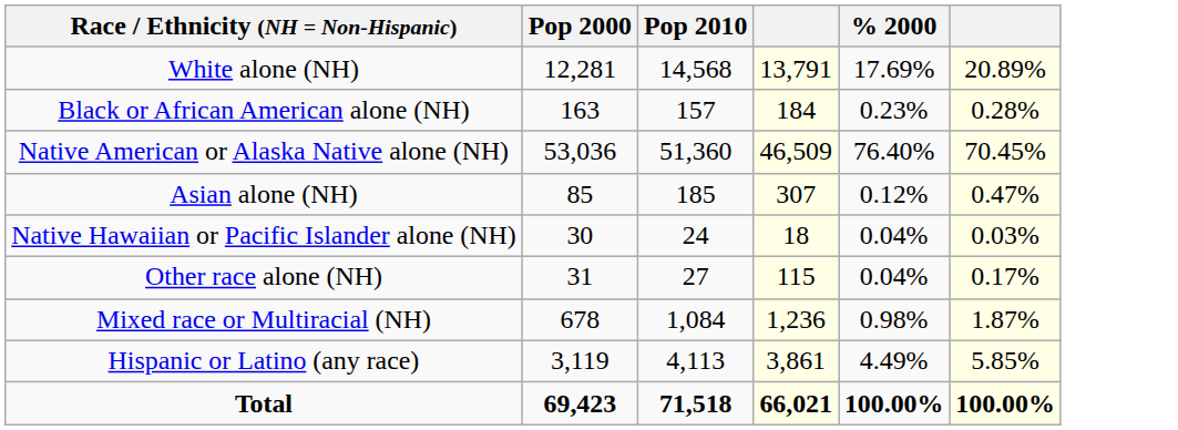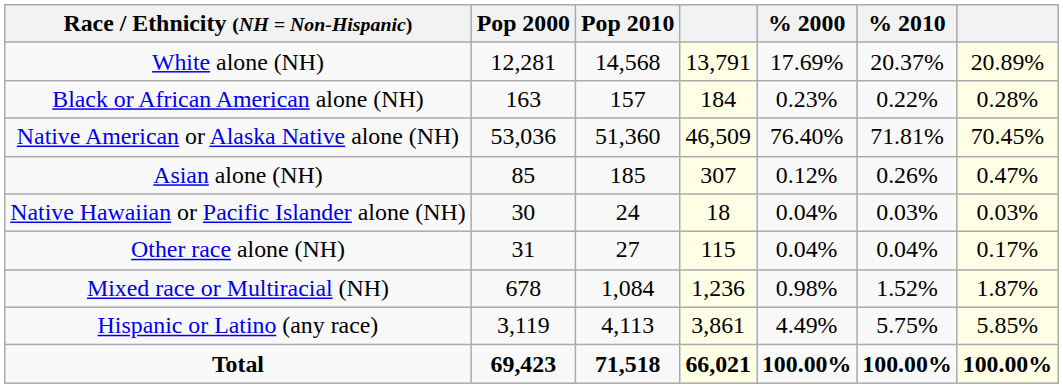 <table class="wikitable" style="text-align:center;">
 <tr>
 <th>Race / Ethnicity <small>(<em>NH = Non-Hispanic</em>)</small></th>
 <th>Pop 2000</th>
 <th>Pop 2010</th>
 <th></th>
 <th>% 2000</th>
+<th>% 2010</th>
 <th></th>
 </tr>
 <tr>
 <td><a href='#'>White</a> alone (NH)</td>
 <td>12,281</td>
 <td>14,568</td>
 <td style='background: #ffffe6;'>13,791</td>
 <td>17.69%</td>
+<td>20.37%</td>
 <td style='background: #ffffe6;'>20.89%</td>
 </tr>
 <tr>
 <td><a href='#'>Black or African American</a> alone (NH)</td>
 <td>163</td>
 <td>157</td>
 <td style='background: #ffffe6;'>184</td>
 <td>0.23%</td>
+<td>0.22%</td>
 <td style='background: #ffffe6;'>0.28%</td>
 </tr>
 <tr>
 <td><a href='#'>Native American</a> or <a href='#'>Alaska Native</a> alone (NH)</td>
 <td>53,036</td>
 <td>51,360</td>
 <td style='background: #ffffe6;'>46,509</td>
 <td>76.40%</td>
+<td>71.81%</td>
 <td style='background: #ffffe6;'>70.45%</td>
 </tr>
 <tr>
 <td><a href='#'>Asian</a> alone (NH)</td>
 <td>85</td>
 <td>185</td>
 <td style='background: #ffffe6;'>307</td>
 <td>0.12%</td>
+<td>0.26%</td>
 <td style='background: #ffffe6;'>0.47%</td>
 </tr>
 <tr>
 <td><a href='#'>Native Hawaiian</a> or <a href='#'>Pacific Islander</a> alone (NH)</td>
 <td>30</td>
 <td>24</td>
 <td style='background: #ffffe6;'>18</td>
 <td>0.04%</td>
+<td>0.03%</td>
 <td style='background: #ffffe6;'>0.03%</td>
 </tr>
 <tr>
 <td><a href='#'>Other race</a> alone (NH)</td>
 <td>31</td>
 <td>27</td>
 <td style='background: #ffffe6;'>115</td>
+<td>0.04%</td>
 <td>0.04%</td>
 <td style='background: #ffffe6;'>0.17%</td>
 </tr>
 <tr>
 <td><a href='#'>Mixed race or Multiracial</a> (NH)</td>
 <td>678</td>
 <td>1,084</td>
 <td style='background: #ffffe6;'>1,236</td>
 <td>0.98%</td>
+<td>1.52%</td>
 <td style='background: #ffffe6;'>1.87%</td>
 </tr>
 <tr>
 <td><a href='#'>Hispanic or Latino</a> (any race)</td>
 <td>3,119</td>
 <td>4,113</td>
 <td style='background: #ffffe6;'>3,861</td>
 <td>4.49%</td>
+<td>5.75%</td>
 <td style='background: #ffffe6;'>5.85%</td>
 </tr>
 <tr>
 <td><strong>Total</strong></td>
 <td><strong>69,423</strong></td>
 <td><strong>71,518</strong></td>
 <td style='background: #ffffe6;'><strong>66,021</strong></td>
 <td><strong>100.00%</strong></td>
+<td><strong>100.00%</strong></td>
 <td style='background: #ffffe6;'><strong>100.00%</strong></td>
 </tr>
 </table>
